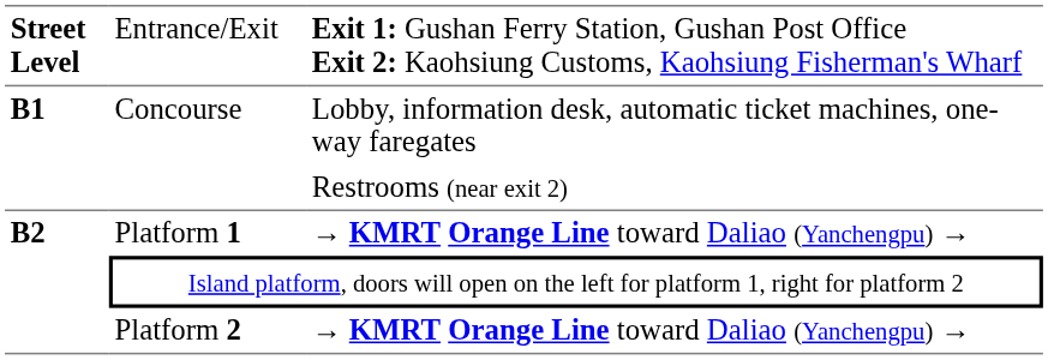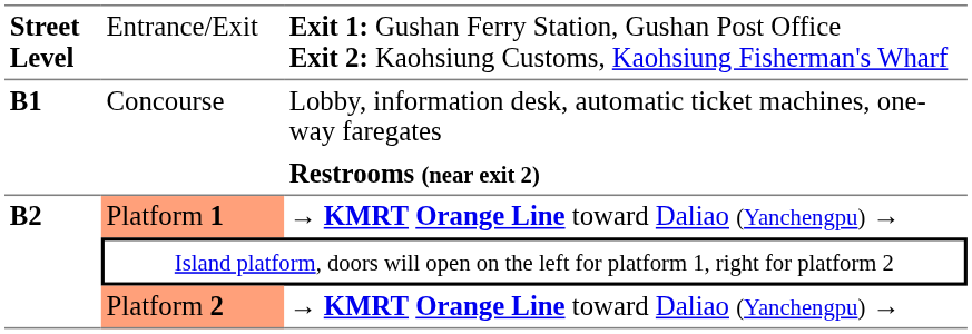 <table table border=0 cellspacing=0 cellpadding=3>
 <tr>
 <td style="border-bottom:solid 1px gray;border-top:solid 1px gray;" width=50 valign=top><strong>Street Level</strong></td>
 <td style="border-top:solid 1px gray;border-bottom:solid 1px gray;" width=100 valign=top>Entrance/Exit</td>
 <td style="border-top:solid 1px gray;border-bottom:solid 1px gray;" width=390 valign=top><strong>Exit 1:</strong> Gushan Ferry Station, Gushan Post Office <br><strong>Exit 2:</strong> Kaohsiung Customs, <a href='#'>Kaohsiung Fisherman's Wharf</a></td>
 </tr>
 <tr>
 <td style="border-bottom:solid 1px gray;" rowspan=2 valign=top><strong>B1</strong></td>
 <td style="border-bottom:solid 1px gray;" rowspan=2 valign=top>Concourse</td>
 <td>Lobby, information desk, automatic ticket machines, one-way faregates</td>
 </tr>
 <tr>
-<td style="border-bottom:solid 1px gray;">Restrooms <small>(near exit 2)</small></td>
+<td style="border-bottom:solid 1px gray;"><strong>Restrooms <small>(near exit 2)</small></strong></td>
 </tr>
 <tr>
 <td style="border-bottom:solid 1px gray;" rowspan=3 valign=top><strong>B2</strong></td>
-<td>Platform <span><strong>1</strong></span></td>
+<td style="background: lightsalmon;">Platform <span><strong>1</strong></span></td>
 <td><span>→</span> <a href='#'><span><strong>KMRT</strong></span></a> <a href='#'><span><strong>Orange Line</strong></span></a> toward <a href='#'>Daliao</a>  <small>(<a href='#'>Yanchengpu</a>)</small> →</td>
 </tr>
 <tr>
 <td style="border-top:solid 2px black;border-right:solid 2px black;border-left:solid 2px black;border-bottom:solid 2px black;text-align:center;" colspan=2><small><a href='#'>Island platform</a>, doors will open on the left for platform 1, right for platform 2</small></td>
 </tr>
 <tr>
-<td style="border-bottom:solid 1px gray;">Platform <span><strong>2</strong></span></td>
+<td style="background: lightsalmon; border-bottom:solid 1px gray;">Platform <span><strong>2</strong></span></td>
 <td style="border-bottom:solid 1px gray;"><span>→</span> <a href='#'><span><strong>KMRT</strong></span></a> <a href='#'><span><strong>Orange Line</strong></span></a> toward <a href='#'>Daliao</a> <small>(<a href='#'>Yanchengpu</a>)</small> →</td>
 </tr>
 </table>
